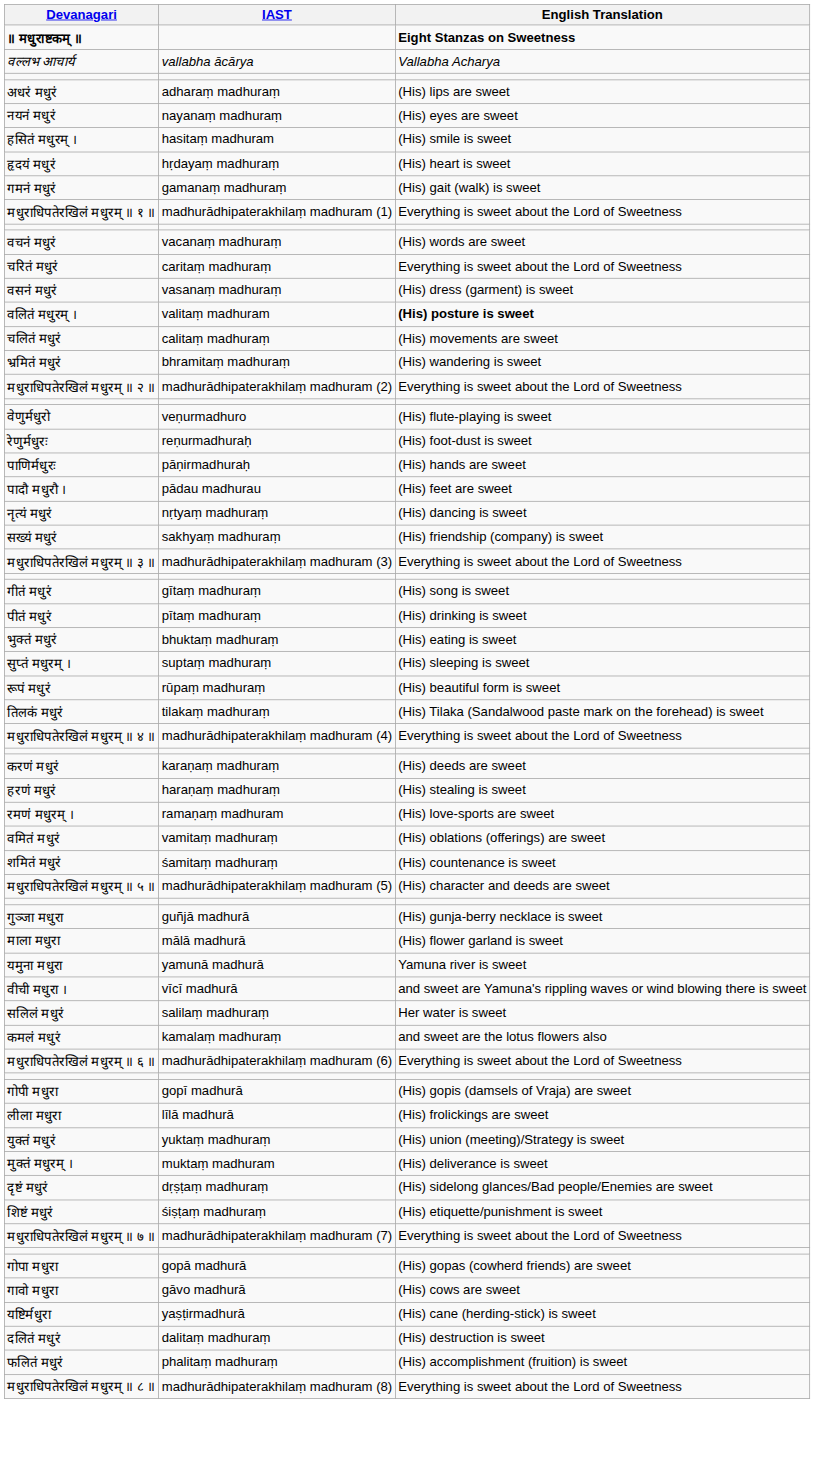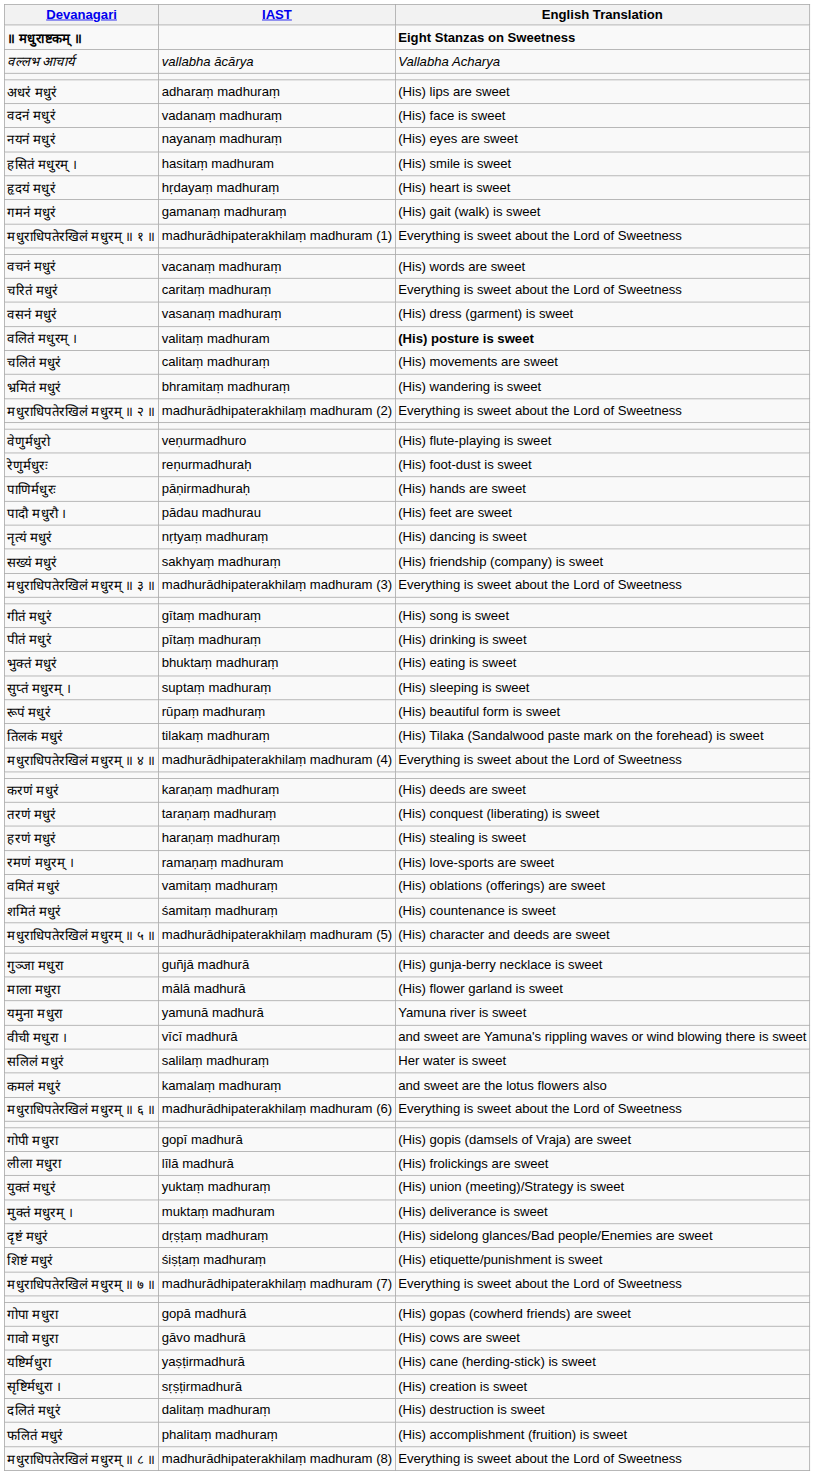 <table class="wikitable">
 <tr>
 <th><a href='#'>Devanagari</a></th>
 <th><a href='#'>IAST</a></th>
 <th>English Translation</th>
 </tr>
 <tr>
 <td><strong>॥ मधुराष्टकम् ॥</strong></td>
 <td></td>
 <td><strong>Eight Stanzas on Sweetness</strong></td>
 </tr>
 <tr>
 <td><em>वल्लभ आचार्य</em></td>
 <td><em>vallabha ācārya</em></td>
 <td><em>Vallabha Acharya</em></td>
 </tr>
 <tr>
 <td></td>
 <td></td>
 <td></td>
 </tr>
 <tr>
 <td>अधरं मधुरं</td>
 <td>adharaṃ madhuraṃ</td>
 <td>(His) lips are sweet</td>
+</tr>
+<tr>
+<td>वदनं मधुरं</td>
+<td>vadanaṃ madhuraṃ</td>
+<td>(His) face is sweet</td>
 </tr>
 <tr>
 <td>नयनं मधुरं</td>
 <td>nayanaṃ madhuraṃ</td>
 <td>(His) eyes are sweet</td>
 </tr>
 <tr>
 <td>हसितं मधुरम् ‌।</td>
 <td>hasitaṃ madhuram</td>
 <td>(His) smile is sweet</td>
 </tr>
 <tr>
 <td>हृदयं मधुरं</td>
 <td>hṛdayaṃ madhuraṃ</td>
 <td>(His) heart is sweet</td>
 </tr>
 <tr>
 <td>गमनं मधुरं</td>
 <td>gamanaṃ madhuraṃ</td>
 <td>(His) gait (walk) is sweet</td>
 </tr>
 <tr>
 <td>मधुराधिपतेरखिलं मधुरम् ‌॥ १ ॥</td>
 <td>madhurādhipaterakhilaṃ madhuram (1)</td>
 <td>Everything is sweet about the Lord of Sweetness</td>
 </tr>
 <tr>
 <td></td>
 <td></td>
 <td></td>
 </tr>
 <tr>
 <td>वचनं मधुरं</td>
 <td>vacanaṃ madhuraṃ</td>
 <td>(His) words are sweet</td>
 </tr>
 <tr>
 <td>चरितं मधुरं</td>
 <td>caritaṃ madhuraṃ</td>
 <td>Everything is sweet about the Lord of Sweetness</td>
 </tr>
 <tr>
 <td>वसनं मधुरं</td>
 <td>vasanaṃ madhuraṃ</td>
 <td>(His) dress (garment) is sweet</td>
 </tr>
 <tr>
 <td>वलितं मधुरम्‌ ।</td>
 <td>valitaṃ madhuram</td>
 <td><strong>(His) posture is sweet</strong></td>
 </tr>
 <tr>
 <td>चलितं मधुरं</td>
 <td>calitaṃ madhuraṃ</td>
 <td>(His) movements are sweet</td>
 </tr>
 <tr>
 <td>भ्रमितं मधुरं</td>
 <td>bhramitaṃ madhuraṃ</td>
 <td>(His) wandering is sweet</td>
 </tr>
 <tr>
 <td>मधुराधिपतेरखिलं मधुरम्‌ ॥ २ ॥</td>
 <td>madhurādhipaterakhilaṃ madhuram (2)</td>
 <td>Everything is sweet about the Lord of Sweetness</td>
 </tr>
 <tr>
 <td></td>
 <td></td>
 <td></td>
 </tr>
 <tr>
 <td>वेणुर्मधुरो</td>
 <td>veṇurmadhuro</td>
 <td>(His) flute-playing is sweet</td>
 </tr>
 <tr>
 <td>रेणुर्मधुरः</td>
 <td>reṇurmadhuraḥ</td>
 <td>(His) foot-dust is sweet</td>
 </tr>
 <tr>
 <td>पाणिर्मधुरः</td>
 <td>pāṇirmadhuraḥ</td>
 <td>(His) hands are sweet</td>
 </tr>
 <tr>
 <td>पादौ मधुरौ ।</td>
 <td>pādau madhurau</td>
 <td>(His) feet are sweet</td>
 </tr>
 <tr>
 <td>नृत्यं मधुरं</td>
 <td>nṛtyaṃ madhuraṃ</td>
 <td>(His) dancing is sweet</td>
 </tr>
 <tr>
 <td>सख्यं मधुरं</td>
 <td>sakhyaṃ madhuraṃ</td>
 <td>(His) friendship (company) is sweet</td>
 </tr>
 <tr>
 <td>मधुराधिपतेरखिलं मधुरम्‌ ॥ ३ ॥</td>
 <td>madhurādhipaterakhilaṃ madhuram (3)</td>
 <td>Everything is sweet about the Lord of Sweetness</td>
 </tr>
 <tr>
 <td></td>
 <td></td>
 <td></td>
 </tr>
 <tr>
 <td>गीतं मधुरं</td>
 <td>gītaṃ madhuraṃ</td>
 <td>(His) song is sweet</td>
 </tr>
 <tr>
 <td>पीतं मधुरं</td>
 <td>pītaṃ madhuraṃ</td>
 <td>(His) drinking is sweet</td>
 </tr>
 <tr>
 <td>भुक्तं मधुरं</td>
 <td>bhuktaṃ madhuraṃ</td>
 <td>(His) eating is sweet</td>
 </tr>
 <tr>
 <td>सुप्तं मधुरम्‌ ।</td>
 <td>suptaṃ madhuraṃ</td>
 <td>(His) sleeping is sweet</td>
 </tr>
 <tr>
 <td>रूपं मधुरं</td>
 <td>rūpaṃ madhuraṃ</td>
 <td>(His) beautiful form is sweet</td>
 </tr>
 <tr>
 <td>तिलकं मधुरं</td>
 <td>tilakaṃ madhuraṃ</td>
 <td>(His) Tilaka (Sandalwood paste mark on the forehead) is sweet</td>
 </tr>
 <tr>
 <td>मधुराधिपतेरखिलं मधुरम् ‌॥ ४ ॥</td>
 <td>madhurādhipaterakhilaṃ madhuram (4)</td>
 <td>Everything is sweet about the Lord of Sweetness</td>
 </tr>
 <tr>
 <td></td>
 <td></td>
 <td></td>
 </tr>
 <tr>
 <td>करणं मधुरं</td>
 <td>karaṇaṃ madhuraṃ</td>
 <td>(His) deeds are sweet</td>
 </tr>
 <tr>
+<td>तरणं मधुरं</td>
+<td>taraṇaṃ madhuraṃ</td>
+<td>(His) conquest (liberating) is sweet</td>
+</tr>
+<tr>
 <td>हरणं मधुरं</td>
 <td>haraṇaṃ madhuraṃ</td>
 <td>(His) stealing is sweet</td>
 </tr>
 <tr>
 <td>रमणं मधुरम् ‌।</td>
 <td>ramaṇaṃ madhuram</td>
 <td>(His) love-sports are sweet</td>
 </tr>
 <tr>
 <td>वमितं मधुरं</td>
 <td>vamitaṃ madhuraṃ</td>
 <td>(His) oblations (offerings) are sweet</td>
 </tr>
 <tr>
 <td>शमितं मधुरं</td>
 <td>śamitaṃ madhuraṃ</td>
 <td>(His) countenance is sweet</td>
 </tr>
 <tr>
 <td>मधुराधिपतेरखिलं मधुरम्‌ ॥ ५ ॥</td>
 <td>madhurādhipaterakhilaṃ madhuram (5)</td>
 <td>(His) character and deeds are sweet</td>
 </tr>
 <tr>
 <td></td>
 <td></td>
 <td></td>
 </tr>
 <tr>
 <td>गुञ्जा मधुरा</td>
 <td>guñjā madhurā</td>
 <td>(His) gunja-berry necklace is sweet</td>
 </tr>
 <tr>
 <td>माला मधुरा</td>
 <td>mālā madhurā</td>
 <td>(His) flower garland is sweet</td>
 </tr>
 <tr>
 <td>यमुना मधुरा</td>
 <td>yamunā madhurā</td>
 <td>Yamuna river is sweet</td>
 </tr>
 <tr>
 <td>वीची मधुरा ।</td>
 <td>vīcī madhurā</td>
 <td>and sweet are Yamuna's rippling waves or wind blowing there is sweet</td>
 </tr>
 <tr>
 <td>सलिलं मधुरं</td>
 <td>salilaṃ madhuraṃ</td>
 <td>Her water is sweet</td>
 </tr>
 <tr>
 <td>कमलं मधुरं</td>
 <td>kamalaṃ madhuraṃ</td>
 <td>and sweet are the lotus flowers also</td>
 </tr>
 <tr>
 <td>मधुराधिपतेरखिलं मधुरम् ‌॥ ६ ॥</td>
 <td>madhurādhipaterakhilaṃ madhuram (6)</td>
 <td>Everything is sweet about the Lord of Sweetness</td>
 </tr>
 <tr>
 <td></td>
 <td></td>
 <td></td>
 </tr>
 <tr>
 <td>गोपी मधुरा</td>
 <td>gopī madhurā</td>
 <td>(His) gopis (damsels of Vraja) are sweet</td>
 </tr>
 <tr>
 <td>लीला मधुरा</td>
 <td>līlā madhurā</td>
 <td>(His) frolickings are sweet</td>
 </tr>
 <tr>
 <td>युक्तं मधुरं</td>
 <td>yuktaṃ madhuraṃ</td>
 <td>(His) union (meeting)/Strategy is sweet</td>
 </tr>
 <tr>
 <td>मुक्तं मधुरम् ‌।</td>
 <td>muktaṃ madhuram</td>
 <td>(His) deliverance is sweet</td>
 </tr>
 <tr>
 <td>दृष्टं मधुरं</td>
 <td>dṛṣṭaṃ madhuraṃ</td>
 <td>(His) sidelong glances/Bad people/Enemies are sweet</td>
 </tr>
 <tr>
 <td>शिष्टं मधुरं</td>
 <td>śiṣṭaṃ madhuraṃ</td>
 <td>(His) etiquette/punishment is sweet</td>
 </tr>
 <tr>
 <td>मधुराधिपतेरखिलं मधुरम् ‌॥ ७ ॥</td>
 <td>madhurādhipaterakhilaṃ madhuram (7)</td>
 <td>Everything is sweet about the Lord of Sweetness</td>
 </tr>
 <tr>
 <td></td>
 <td></td>
 <td></td>
 </tr>
 <tr>
 <td>गोपा मधुरा</td>
 <td>gopā madhurā</td>
 <td>(His) gopas (cowherd friends) are sweet</td>
 </tr>
 <tr>
 <td>गावो मधुरा</td>
 <td>gāvo madhurā</td>
 <td>(His) cows are sweet</td>
 </tr>
 <tr>
 <td>यष्टिर्मधुरा</td>
 <td>yaṣṭirmadhurā</td>
 <td>(His) cane (herding-stick) is sweet</td>
 </tr>
 <tr>
+<td>सृष्टिर्मधुरा ।</td>
+<td>sṛṣṭirmadhurā</td>
+<td>(His) creation is sweet</td>
+</tr>
+<tr>
 <td>दलितं मधुरं</td>
 <td>dalitaṃ madhuraṃ</td>
 <td>(His)  destruction is sweet</td>
 </tr>
 <tr>
 <td>फलितं मधुरं</td>
 <td>phalitaṃ madhuraṃ</td>
 <td>(His) accomplishment (fruition) is sweet</td>
 </tr>
 <tr>
 <td>मधुराधिपतेरखिलं मधुरम्‌ ॥ ८ ॥</td>
 <td>madhurādhipaterakhilaṃ madhuram (8)</td>
 <td>Everything is sweet about the Lord of Sweetness</td>
 </tr>
 </table>
